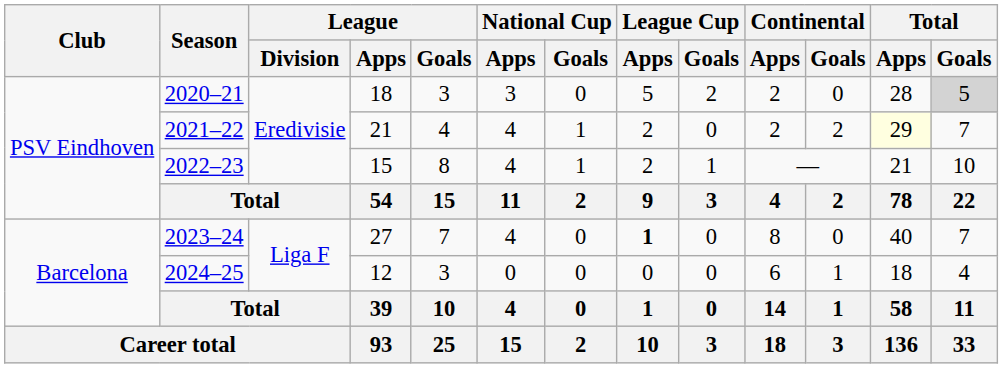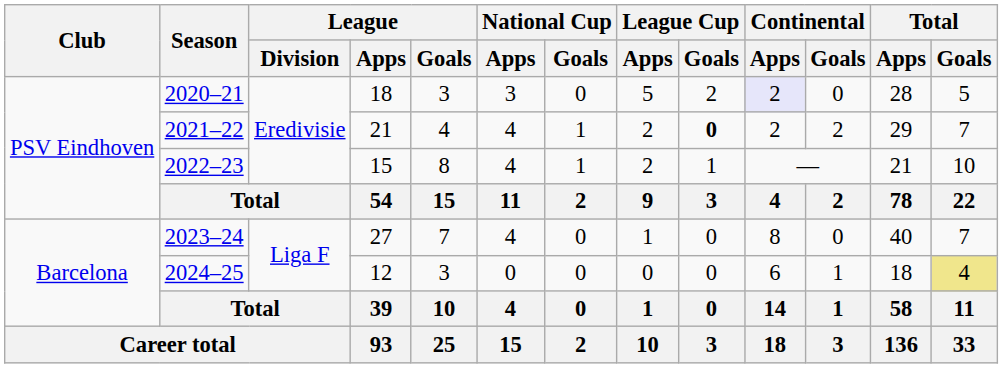 <table class="wikitable" style="text-align:center">
 <tr>
 <th rowspan="2">Club</th>
 <th rowspan="2">Season</th>
 <th colspan="3">League</th>
 <th colspan="2">National Cup</th>
 <th colspan="2">League Cup</th>
 <th colspan="2">Continental</th>
 <th colspan="2">Total</th>
 </tr>
 <tr>
 <th>Division</th>
 <th>Apps</th>
 <th>Goals</th>
 <th>Apps</th>
 <th>Goals</th>
 <th>Apps</th>
 <th>Goals</th>
 <th>Apps</th>
 <th>Goals</th>
 <th>Apps</th>
 <th>Goals</th>
 </tr>
 <tr>
 <td rowspan="4"><a href='#'>PSV Eindhoven</a></td>
 <td><a href='#'>2020–21</a></td>
 <td rowspan="3"><a href='#'>Eredivisie</a></td>
 <td>18</td>
 <td>3</td>
 <td>3</td>
 <td>0</td>
 <td>5</td>
 <td>2</td>
-<td>2</td>
+<td style="background: lavender;">2</td>
 <td>0</td>
 <td>28</td>
-<td style="background: lightgrey;">5</td>
+<td>5</td>
 </tr>
 <tr>
 <td><a href='#'>2021–22</a></td>
 <td>21</td>
 <td>4</td>
 <td>4</td>
 <td>1</td>
 <td>2</td>
-<td>0</td>
+<td><strong>0</strong></td>
 <td>2</td>
 <td>2</td>
-<td style="background: lightyellow;">29</td>
+<td>29</td>
 <td>7</td>
 </tr>
 <tr>
 <td><a href='#'>2022–23</a></td>
 <td>15</td>
 <td>8</td>
 <td>4</td>
 <td>1</td>
 <td>2</td>
 <td>1</td>
 <td colspan="2">—</td>
 <td>21</td>
 <td>10</td>
 </tr>
 <tr>
 <th colspan="2">Total</th>
 <th>54</th>
 <th>15</th>
 <th>11</th>
 <th>2</th>
 <th>9</th>
 <th>3</th>
 <th>4</th>
 <th>2</th>
 <th>78</th>
 <th>22</th>
 </tr>
 <tr>
 <td rowspan="3"><a href='#'>Barcelona</a></td>
 <td><a href='#'>2023–24</a></td>
 <td rowspan="2"><a href='#'>Liga F</a></td>
 <td>27</td>
 <td>7</td>
 <td>4</td>
 <td>0</td>
-<td><strong>1</strong></td>
+<td>1</td>
 <td>0</td>
 <td>8</td>
 <td>0</td>
 <td>40</td>
 <td>7</td>
 </tr>
 <tr>
 <td><a href='#'>2024–25</a></td>
 <td>12</td>
 <td>3</td>
 <td>0</td>
 <td>0</td>
 <td>0</td>
 <td>0</td>
 <td>6</td>
 <td>1</td>
 <td>18</td>
-<td>4</td>
+<td style="background: khaki;">4</td>
 </tr>
 <tr>
 <th colspan="2">Total</th>
 <th>39</th>
 <th>10</th>
 <th>4</th>
 <th>0</th>
 <th>1</th>
 <th>0</th>
 <th>14</th>
 <th>1</th>
 <th>58</th>
 <th>11</th>
 </tr>
 <tr>
 <th colspan="3">Career total</th>
 <th>93</th>
 <th>25</th>
 <th>15</th>
 <th>2</th>
 <th>10</th>
 <th>3</th>
 <th>18</th>
 <th>3</th>
 <th>136</th>
 <th>33</th>
 </tr>
 </table>
